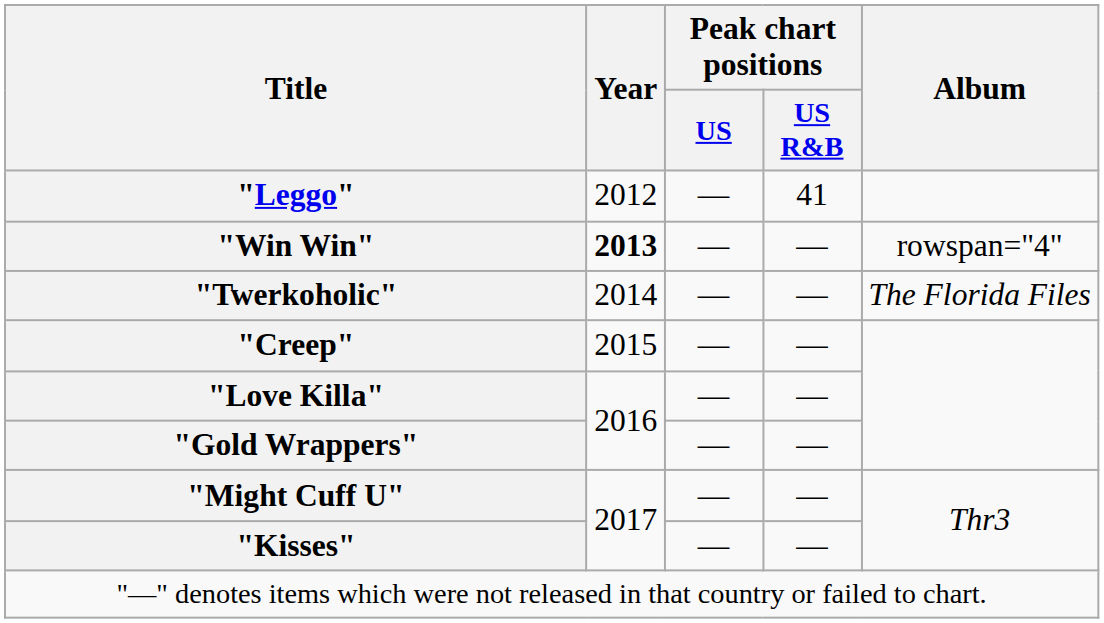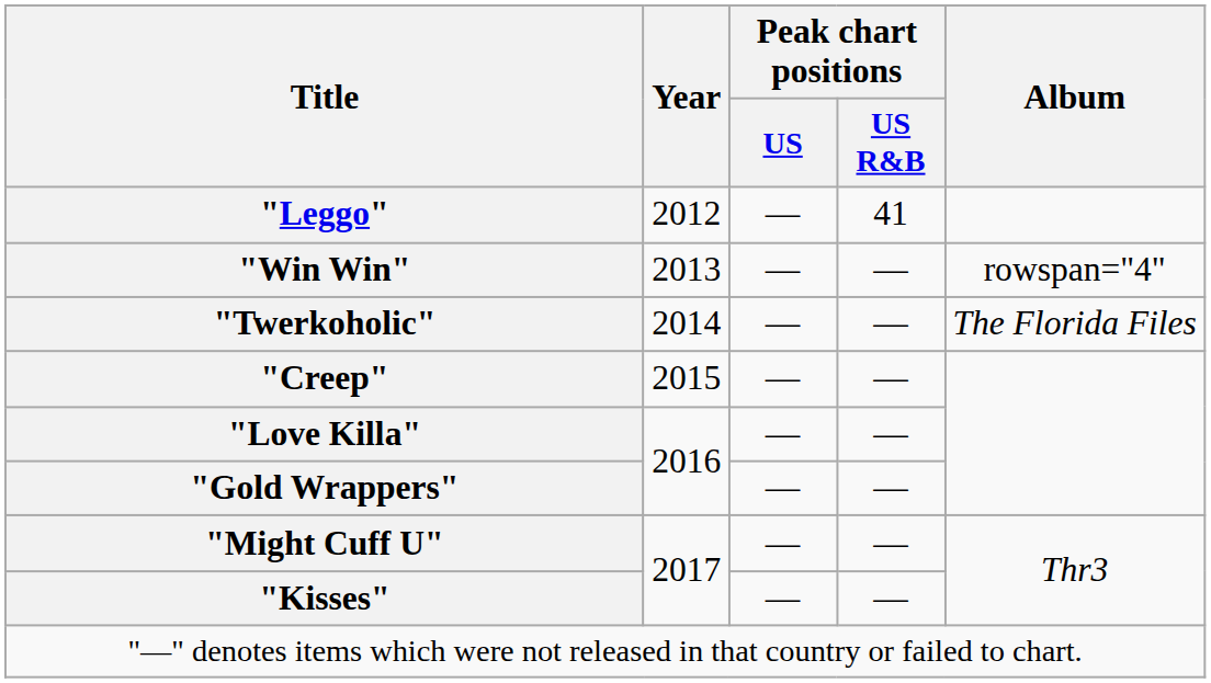 <table class="wikitable plainrowheaders" style="text-align:center;">
 <tr>
 <th scope="col" rowspan="2" style="width:18em;">Title</th>
 <th scope="col" rowspan="2">Year</th>
 <th scope="col" colspan="2">Peak chart positions</th>
 <th scope="col" rowspan="2">Album</th>
 </tr>
 <tr>
 <th scope="col" style="width:3em;font-size:90%;"><a href='#'>US</a><br></th>
 <th scope="col" style="width:3em;font-size:90%;"><a href='#'>US R&B</a><br></th>
 </tr>
 <tr>
 <th scope="row">"<a href='#'>Leggo</a>"<br> </th>
 <td>2012</td>
 <td>—</td>
 <td>41</td>
 <td></td>
 </tr>
 <tr>
 <th scope="row">"Win Win"<br> </th>
-<td><strong>2013</strong></td>
+<td>2013</td>
 <td>—</td>
 <td>—</td>
 <td>rowspan="4" </td>
 </tr>
 <tr>
 <th scope="row">"Twerkoholic"</th>
 <td>2014</td>
 <td>—</td>
 <td>—</td>
 <td><em>The Florida Files</em></td>
 </tr>
 <tr>
 <th scope="row">"Creep"<br> </th>
 <td>2015</td>
 <td>—</td>
 <td>—</td>
 </tr>
 <tr>
 <th scope="row">"Love Killa"</th>
 <td rowspan="2">2016</td>
 <td>—</td>
 <td>—</td>
 </tr>
 <tr>
 <th scope="row">"Gold Wrappers"<br> </th>
 <td>—</td>
 <td>—</td>
 </tr>
 <tr>
 <th scope="row">"Might Cuff U"</th>
 <td rowspan="2">2017</td>
 <td>—</td>
 <td>—</td>
 <td rowspan="2"><em>Thr3</em></td>
 </tr>
 <tr>
 <th scope="row">"Kisses"</th>
 <td>—</td>
 <td>—</td>
 </tr>
 <tr>
 <td colspan="16" style="font-size:90%">"—" denotes items which were not released in that country or failed to chart.</td>
 </tr>
 </table>
